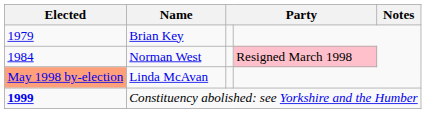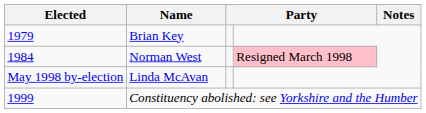 <table class="wikitable">
 <tr>
 <th>Elected</th>
 <th>Name</th>
 <th colspan=2>Party</th>
 <th>Notes</th>
 </tr>
 <tr>
 <td><a href='#'>1979</a></td>
 <td><a href='#'>Brian Key</a></td>
 <td></td>
 </tr>
 <tr>
 <td><a href='#'>1984</a></td>
 <td><a href='#'>Norman West</a></td>
 <td></td>
 <td style="background: pink;">Resigned March 1998</td>
 </tr>
 <tr>
-<td style="background: lightsalmon;"><a href='#'>May 1998 by-election</a></td>
+<td><a href='#'>May 1998 by-election</a></td>
 <td><a href='#'>Linda McAvan</a></td>
 <td></td>
 </tr>
 <tr>
-<td><strong><a href='#'>1999</a></strong></td>
+<td><a href='#'>1999</a></td>
 <td colspan="4"><em>Constituency abolished: see <a href='#'>Yorkshire and the Humber</a></em></td>
 </tr>
 </table>
